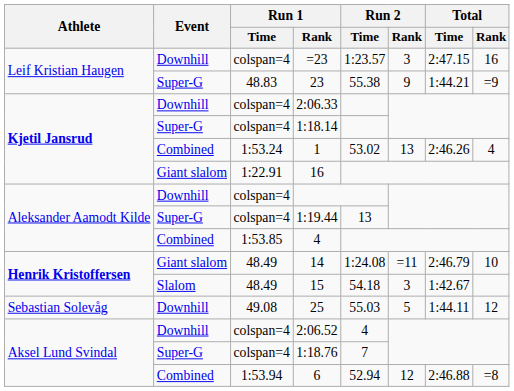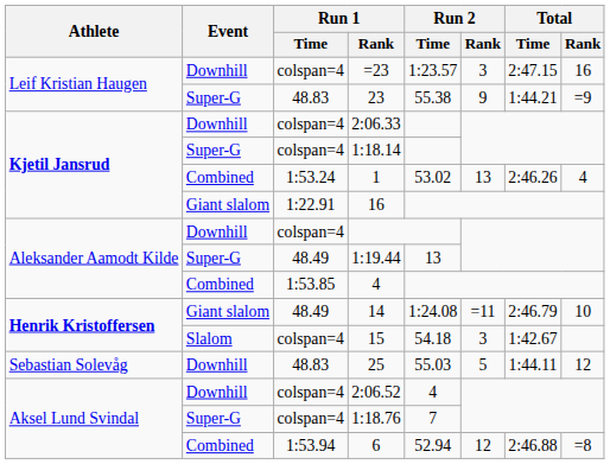 <table class="wikitable" style="font-size:90%">
 <tr>
 <th rowspan=2>Athlete</th>
 <th rowspan=2>Event</th>
 <th colspan=2>Run 1</th>
 <th colspan=2>Run 2</th>
 <th colspan=2>Total</th>
 </tr>
 <tr style="font-size:95%">
 <th>Time</th>
 <th>Rank</th>
 <th>Time</th>
 <th>Rank</th>
 <th>Time</th>
 <th>Rank</th>
 </tr>
 <tr align=center>
 <td align=left rowspan=2><a href='#'>Leif Kristian Haugen</a></td>
 <td align=left><a href='#'>Downhill</a></td>
 <td>colspan=4 </td>
 <td>=23</td>
 <td>1:23.57</td>
 <td>3</td>
 <td>2:47.15</td>
 <td>16</td>
 </tr>
 <tr align=center>
 <td align=left><a href='#'>Super-G</a></td>
 <td>48.83</td>
 <td>23</td>
 <td>55.38</td>
 <td>9</td>
 <td>1:44.21</td>
 <td>=9</td>
 </tr>
 <tr align=center>
 <td align=left rowspan=4><strong><a href='#'>Kjetil Jansrud</a></strong></td>
 <td align=left><a href='#'>Downhill</a></td>
 <td>colspan=4 </td>
 <td>2:06.33</td>
 <td></td>
 </tr>
 <tr align=center>
 <td align=left><a href='#'>Super-G</a></td>
 <td>colspan=4 </td>
 <td>1:18.14</td>
 <td></td>
 </tr>
 <tr align=center>
 <td align=left><a href='#'>Combined</a></td>
 <td>1:53.24</td>
 <td>1</td>
 <td>53.02</td>
 <td>13</td>
 <td>2:46.26</td>
 <td>4</td>
 </tr>
 <tr align=center>
 <td align=left><a href='#'>Giant slalom</a></td>
 <td>1:22.91</td>
 <td>16</td>
 <td colspan=4></td>
 </tr>
 <tr align=center>
 <td align=left rowspan=3><a href='#'>Aleksander Aamodt Kilde</a></td>
 <td align=left><a href='#'>Downhill</a></td>
 <td>colspan=4 </td>
 <td colspan=2></td>
 </tr>
 <tr align=center>
 <td align=left><a href='#'>Super-G</a></td>
-<td>colspan=4 </td>
+<td>48.49</td>
 <td>1:19.44</td>
 <td>13</td>
 </tr>
 <tr align=center>
 <td align=left><a href='#'>Combined</a></td>
 <td>1:53.85</td>
 <td>4</td>
 <td colspan=4></td>
 </tr>
 <tr align=center>
 <td align=left rowspan=2><strong><a href='#'>Henrik Kristoffersen</a></strong></td>
 <td align=left><a href='#'>Giant slalom</a></td>
 <td>48.49</td>
 <td>14</td>
 <td>1:24.08</td>
 <td>=11</td>
 <td>2:46.79</td>
 <td>10</td>
 </tr>
 <tr align=center>
 <td align=left><a href='#'>Slalom</a></td>
-<td>48.49</td>
+<td>colspan=4 </td>
 <td>15</td>
 <td>54.18</td>
 <td>3</td>
 <td>1:42.67</td>
 <td></td>
 </tr>
 <tr align=center>
 <td align=left><a href='#'>Sebastian Solevåg</a></td>
 <td align=left><a href='#'>Downhill</a></td>
-<td>49.08</td>
+<td>48.83</td>
 <td>25</td>
 <td>55.03</td>
 <td>5</td>
 <td>1:44.11</td>
 <td>12</td>
 </tr>
 <tr align=center>
 <td align=left rowspan=3><a href='#'>Aksel Lund Svindal</a></td>
 <td align=left><a href='#'>Downhill</a></td>
 <td>colspan=4 </td>
 <td>2:06.52</td>
 <td>4</td>
 </tr>
 <tr align=center>
 <td align=left><a href='#'>Super-G</a></td>
 <td>colspan=4 </td>
 <td>1:18.76</td>
 <td>7</td>
 </tr>
 <tr align=center>
 <td align=left><a href='#'>Combined</a></td>
 <td>1:53.94</td>
 <td>6</td>
 <td>52.94</td>
 <td>12</td>
 <td>2:46.88</td>
 <td>=8</td>
 </tr>
 </table>
